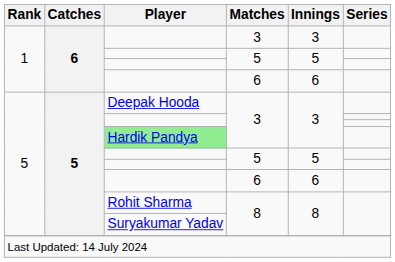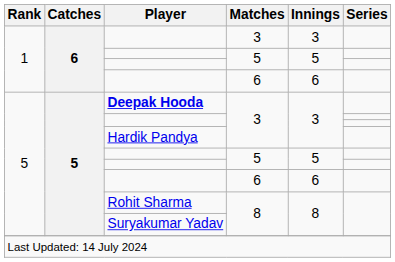 <table class="wikitable sortable">
 <tr>
 <th scope=col>Rank</th>
 <th scope=col>Catches</th>
 <th scope=col>Player</th>
 <th scope=col>Matches</th>
 <th scope=col>Innings</th>
 <th scope=col>Series</th>
 </tr>
 <tr>
 <td align=center rowspan=4>1</td>
 <th scope=row style=text-align:center; rowspan=4>6</th>
 <td></td>
 <td align=center>3</td>
 <td align=center>3</td>
 <td></td>
 </tr>
 <tr>
 <td></td>
 <td align=center rowspan=2>5</td>
 <td align=center rowspan=2>5</td>
 <td></td>
 </tr>
 <tr>
 <td></td>
 <td></td>
 </tr>
 <tr>
 <td></td>
 <td align=center>6</td>
 <td align=center>6</td>
 <td></td>
 </tr>
 <tr>
 <td align=center rowspan=9>5</td>
 <th scope=row style=text-align:center; rowspan=9>5</th>
-<td><a href='#'>Deepak Hooda</a></td>
+<td><strong><a href='#'>Deepak Hooda</a></strong></td>
 <td align=center rowspan=4>3</td>
 <td align=center rowspan=4>3</td>
 <td></td>
 </tr>
 <tr>
 <td rowspan=2></td>
 <td></td>
 </tr>
 <tr>
 <td></td>
 </tr>
 <tr>
-<td style="background: lightgreen;"><a href='#'>Hardik Pandya</a></td>
+<td><a href='#'>Hardik Pandya</a></td>
 <td></td>
 </tr>
 <tr>
 <td></td>
 <td align=center rowspan=2>5</td>
 <td align=center rowspan=2>5</td>
 <td></td>
 </tr>
 <tr>
 <td></td>
 <td></td>
 </tr>
 <tr>
 <td></td>
 <td align=center>6</td>
 <td align=center>6</td>
 <td></td>
 </tr>
 <tr>
 <td><a href='#'>Rohit Sharma</a></td>
 <td align=center rowspan=2>8</td>
 <td align=center rowspan=2>8</td>
 <td rowspan=2></td>
 </tr>
 <tr>
 <td><a href='#'>Suryakumar Yadav</a></td>
 </tr>
 <tr>
 </tr>
 <tr class=sortbottom>
 <td colspan=6><small>Last Updated: 14 July 2024</small></td>
 </tr>
 </table>
